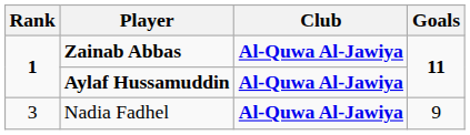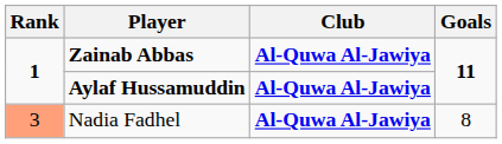 <table class="wikitable" style="text-align:center">
 <tr>
 <th>Rank</th>
 <th>Player</th>
 <th>Club</th>
 <th>Goals</th>
 </tr>
 <tr>
 <td rowspan=2><strong>1</strong></td>
 <td align="left"> <strong>Zainab Abbas</strong></td>
 <td align="left"><strong><a href='#'>Al-Quwa Al-Jawiya</a></strong></td>
 <td rowspan=2><strong>11</strong></td>
 </tr>
 <tr>
 <td align="left"> <strong>Aylaf Hussamuddin</strong></td>
 <td align="left"><strong><a href='#'>Al-Quwa Al-Jawiya</a></strong></td>
 </tr>
 <tr>
-<td>3</td>
+<td style="background: lightsalmon;">3</td>
 <td align="left"> Nadia Fadhel</td>
 <td align="left"><strong><a href='#'>Al-Quwa Al-Jawiya</a></strong></td>
-<td>9</td>
+<td>8</td>
 </tr>
 </table>
